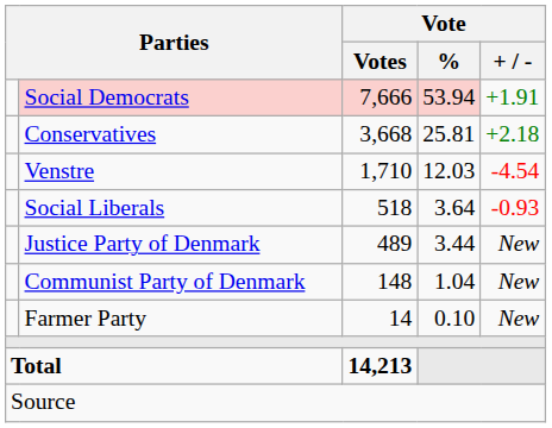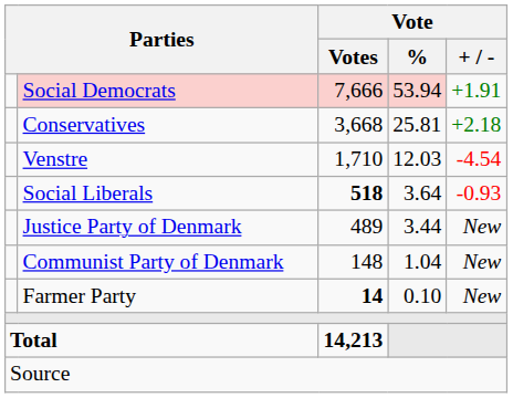 <table class="wikitable" style="text-align:right;">
 <tr>
 <th style="text-align:centre;" rowspan="2" colspan="2" width="225">Parties</th>
 <th colspan="3">Vote</th>
 </tr>
 <tr>
 <th width="15">Votes</th>
 <th width="15">%</th>
 <th width="15">+ / -</th>
 </tr>
 <tr>
 <td width="2" style="color:inherit;background:"></td>
 <td bgcolor=#fbd0ce  align="left"><a href='#'>Social Democrats</a></td>
 <td bgcolor=#fbd0ce>7,666</td>
 <td bgcolor=#fbd0ce>53.94</td>
 <td style=color:green;>+1.91</td>
 </tr>
 <tr>
 <td width="2" style="color:inherit;background:"></td>
 <td align="left"><a href='#'>Conservatives</a></td>
 <td>3,668</td>
 <td>25.81</td>
 <td style=color:green;>+2.18</td>
 </tr>
 <tr>
 <td width="2" style="color:inherit;background:"></td>
 <td align="left"><a href='#'>Venstre</a></td>
 <td>1,710</td>
 <td>12.03</td>
 <td style=color:red;>-4.54</td>
 </tr>
 <tr>
 <td width="2" style="color:inherit;background:"></td>
 <td align="left"><a href='#'>Social Liberals</a></td>
-<td>518</td>
+<td><strong>518</strong></td>
 <td>3.64</td>
 <td style=color:red;>-0.93</td>
 </tr>
 <tr>
 <td width="2" style="color:inherit;background:"></td>
 <td align="left"><a href='#'>Justice Party of Denmark</a></td>
 <td>489</td>
 <td>3.44</td>
 <td><em>New</em></td>
 </tr>
 <tr>
 <td width="2" style="color:inherit;background:"></td>
 <td align="left"><a href='#'>Communist Party of Denmark</a></td>
 <td>148</td>
 <td>1.04</td>
 <td><em>New</em></td>
 </tr>
 <tr>
 <td width="2" style="color:inherit;background:"></td>
 <td align="left">Farmer Party</td>
-<td>14</td>
+<td><strong>14</strong></td>
 <td>0.10</td>
 <td><em>New</em></td>
 </tr>
 <tr>
 <td colspan="7" bgcolor="#E9E9E9"></td>
 </tr>
 <tr>
 <td align="left" colspan="2"><strong>Total</strong></td>
 <td><strong>14,213</strong></td>
 <td bgcolor="#E9E9E9" colspan="2"></td>
 </tr>
 <tr>
 <td align="left" colspan="6">Source</td>
 </tr>
 </table>
